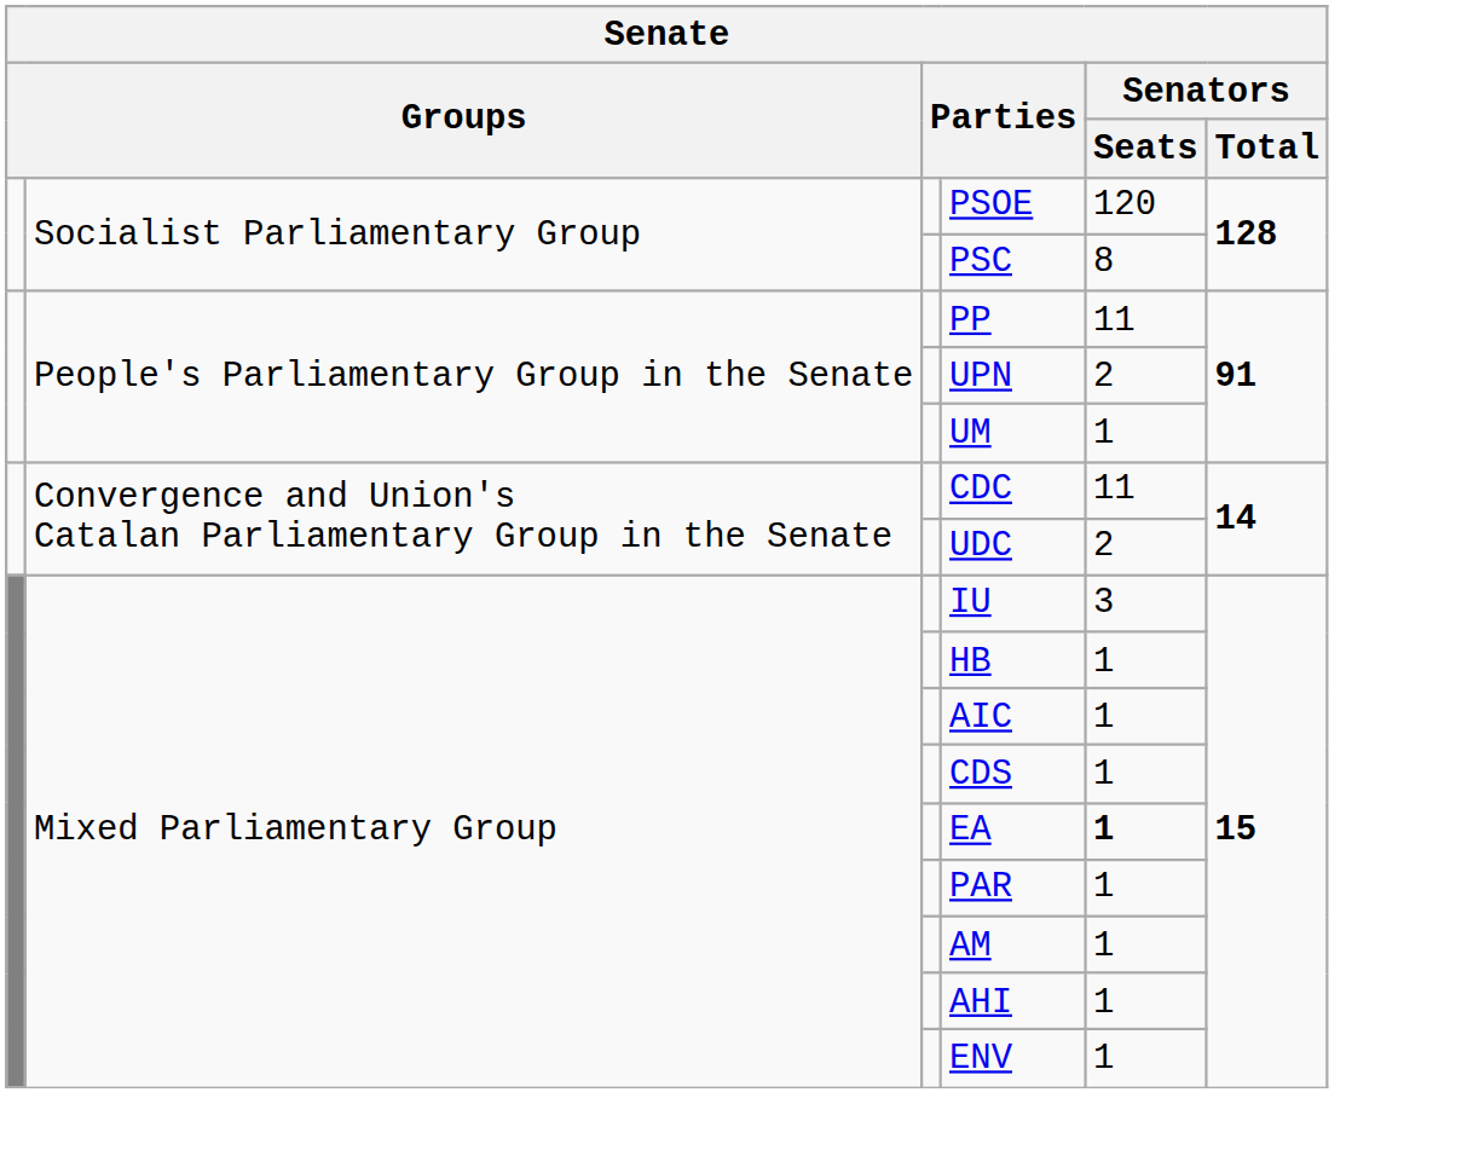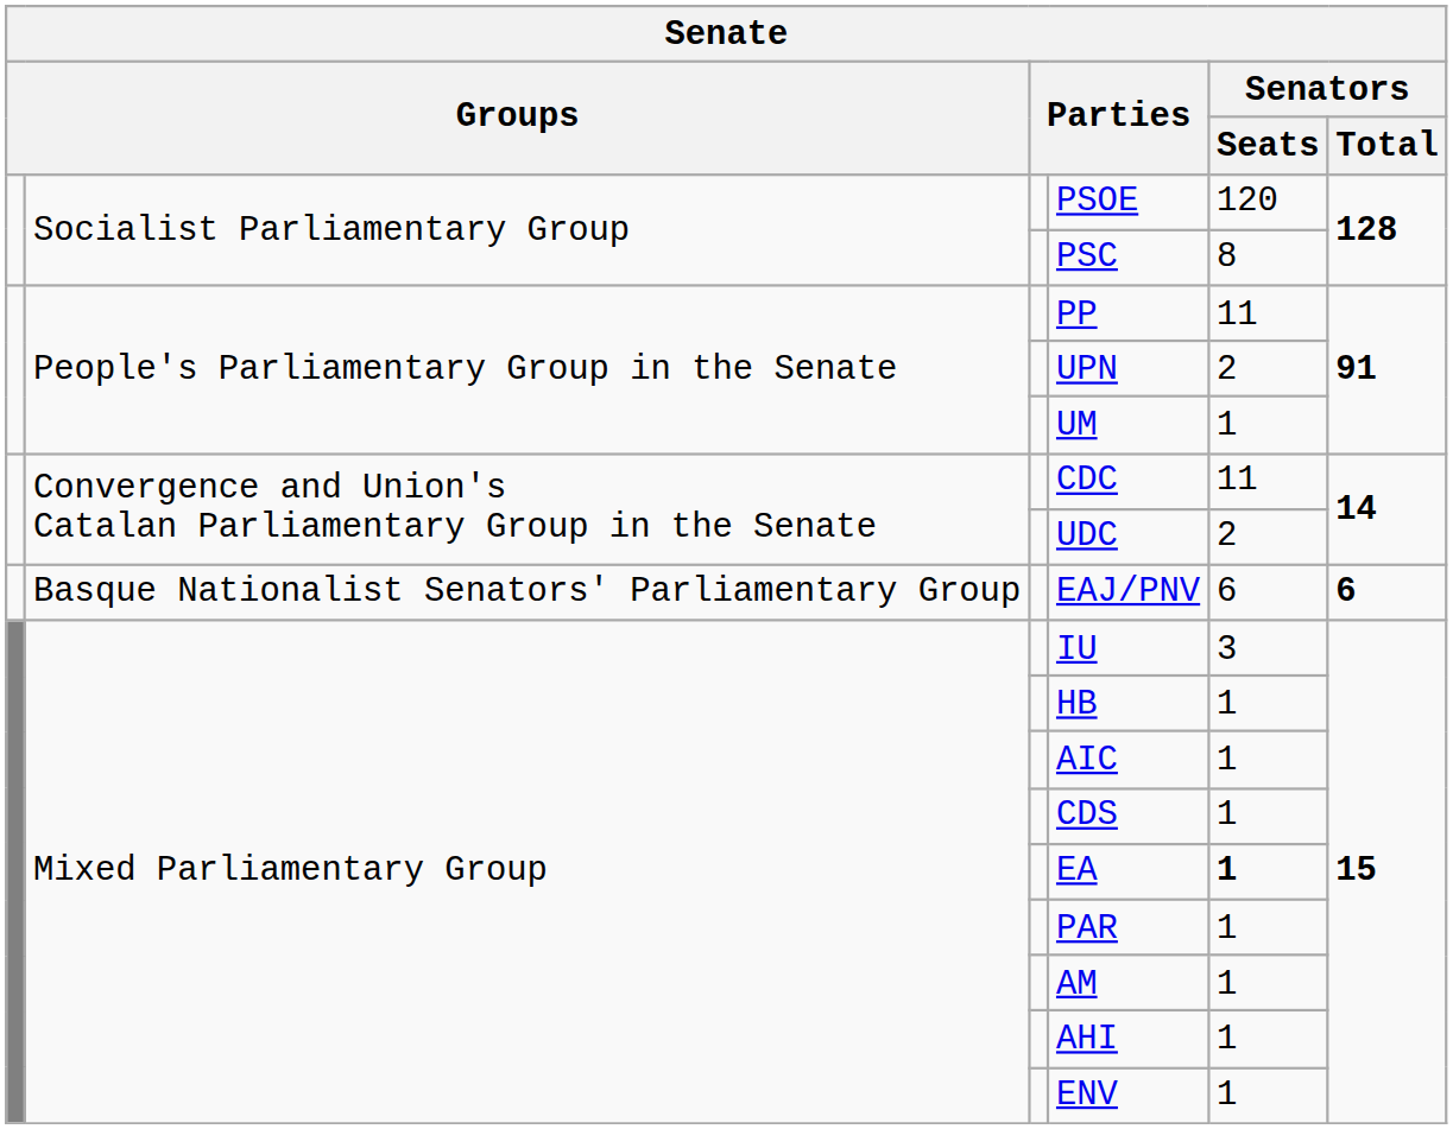 <table class="wikitable" style="text-align:left;">
 <tr>
 <th colspan="6">Senate</th>
 </tr>
 <tr>
 <th rowspan="2" colspan="2">Groups</th>
 <th rowspan="2" colspan="2">Parties</th>
 <th colspan="2">Senators</th>
 </tr>
 <tr>
 <th>Seats</th>
 <th>Total</th>
 </tr>
 <tr>
 <td width="1" rowspan="2"></td>
 <td rowspan="2">Socialist Parliamentary Group</td>
 <td width="1" style="color:inherit;background:"></td>
 <td><a href='#'>PSOE</a></td>
 <td>120</td>
 <td rowspan="2"><strong>128</strong></td>
 </tr>
 <tr>
 <td style="color:inherit;background:"></td>
 <td><a href='#'>PSC</a></td>
 <td>8</td>
 </tr>
 <tr>
 <td rowspan="3" style="color:inherit;background:"></td>
 <td rowspan="3">People's Parliamentary Group in the Senate</td>
 <td style="color:inherit;background:"></td>
 <td><a href='#'>PP</a></td>
 <td>11</td>
 <td rowspan="3"><strong>91</strong></td>
 </tr>
 <tr>
 <td style="color:inherit;background:"></td>
 <td><a href='#'>UPN</a></td>
 <td>2</td>
 </tr>
 <tr>
 <td style="color:inherit;background:"></td>
 <td><a href='#'>UM</a></td>
 <td>1</td>
 </tr>
 <tr>
 <td rowspan="2" style="color:inherit;background:"></td>
 <td rowspan="2">Convergence and Union's<br>Catalan Parliamentary Group in the Senate</td>
 <td style="color:inherit;background:"></td>
 <td><a href='#'>CDC</a></td>
 <td>11</td>
 <td rowspan="2"><strong>14</strong></td>
 </tr>
 <tr>
 <td style="color:inherit;background:"></td>
 <td><a href='#'>UDC</a></td>
 <td>2</td>
 </tr>
 <tr>
+<td style="color:inherit;background:"></td>
+<td>Basque Nationalist Senators' Parliamentary Group</td>
+<td style="color:inherit;background:"></td>
+<td><a href='#'>EAJ/PNV</a></td>
+<td>6</td>
+<td><strong>6</strong></td>
+</tr>
+<tr>
 <td rowspan="9" bgcolor="gray"></td>
 <td rowspan="9">Mixed Parliamentary Group</td>
 <td style="color:inherit;background:"></td>
 <td><a href='#'>IU</a></td>
 <td>3</td>
 <td rowspan="9"><strong>15</strong></td>
 </tr>
 <tr>
 <td style="color:inherit;background:"></td>
 <td><a href='#'>HB</a></td>
 <td>1</td>
 </tr>
 <tr>
 <td style="color:inherit;background:"></td>
 <td><a href='#'>AIC</a></td>
 <td>1</td>
 </tr>
 <tr>
 <td style="color:inherit;background:"></td>
 <td><a href='#'>CDS</a></td>
 <td>1</td>
 </tr>
 <tr>
 <td style="color:inherit;background:"></td>
 <td><a href='#'>EA</a></td>
 <td><strong>1</strong></td>
 </tr>
 <tr>
 <td style="color:inherit;background:"></td>
 <td><a href='#'>PAR</a></td>
 <td>1</td>
 </tr>
 <tr>
 <td style="color:inherit;background:"></td>
 <td><a href='#'>AM</a></td>
 <td>1</td>
 </tr>
 <tr>
 <td style="color:inherit;background:"></td>
 <td><a href='#'>AHI</a></td>
 <td>1</td>
 </tr>
 <tr>
 <td style="color:inherit;background:"></td>
 <td><a href='#'>ENV</a></td>
 <td>1</td>
 </tr>
 </table>
